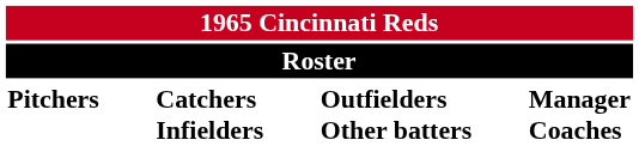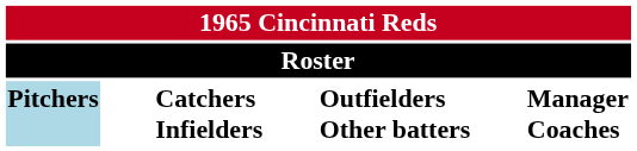 <table class="toccolours" style="font-size: 95%;">
 <tr>
 <th colspan="10" style="background-color: #c6011f; color: white; text-align: center;">1965 Cincinnati Reds</th>
 </tr>
 <tr>
 <td colspan="10" style="background-color: black; color: white; text-align: center;"><strong>Roster</strong></td>
 </tr>
 <tr>
-<td valign="top"><strong>Pitchers</strong><br>              </td>
+<td valign="top" style="background: lightblue;"><strong>Pitchers</strong><br>              </td>
 <td width="25px"></td>
 <td valign="top"><strong>Catchers</strong><br>   <strong>Infielders</strong>         </td>
 <td width="25px"></td>
 <td valign="top"><strong>Outfielders</strong><br>      <strong>Other batters</strong> </td>
 <td width="25px"></td>
 <td valign="top"><strong>Manager</strong><br> <strong>Coaches</strong>    </td>
 </tr>
 </table>
